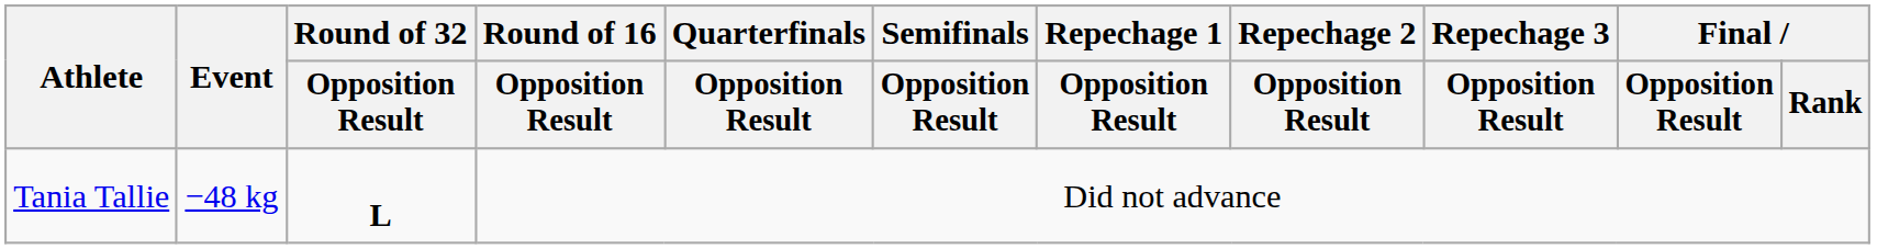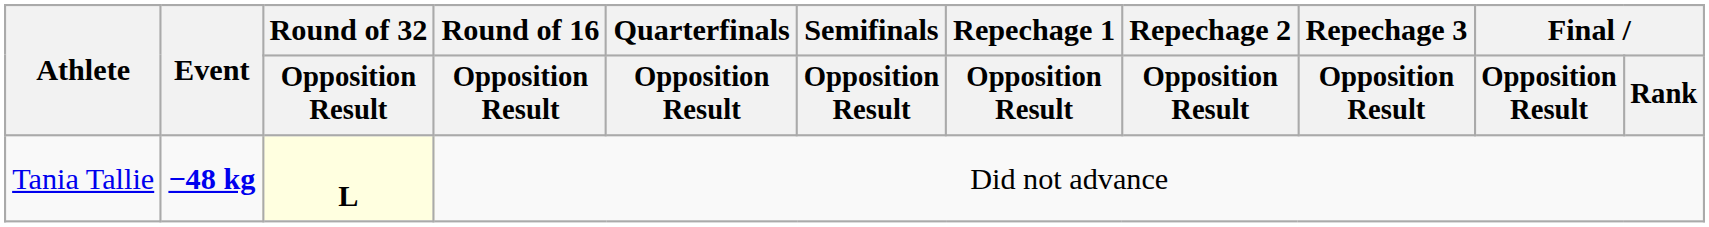 <table class="wikitable" style="font-size:90%">
 <tr>
 <th rowspan="2">Athlete</th>
 <th rowspan="2">Event</th>
 <th>Round of 32</th>
 <th>Round of 16</th>
 <th>Quarterfinals</th>
 <th>Semifinals</th>
 <th>Repechage 1</th>
 <th>Repechage 2</th>
 <th>Repechage 3</th>
 <th colspan=2>Final / </th>
 </tr>
 <tr style="font-size:95%">
 <th>Opposition<br>Result</th>
 <th>Opposition<br>Result</th>
 <th>Opposition<br>Result</th>
 <th>Opposition<br>Result</th>
 <th>Opposition<br>Result</th>
 <th>Opposition<br>Result</th>
 <th>Opposition<br>Result</th>
 <th>Opposition<br>Result</th>
 <th>Rank</th>
 </tr>
 <tr align=center>
 <td align=left><a href='#'>Tania Tallie</a></td>
-<td align=left><a href='#'>−48 kg</a></td>
-<td><br><strong>L</strong></td>
+<td align=left><strong><a href='#'>−48 kg</a></strong></td>
+<td style="background: lightyellow;"><br><strong>L</strong></td>
 <td colspan=9>Did not advance</td>
 </tr>
 </table>
